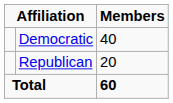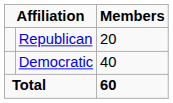 <table class="wikitable">
 <tr>
 <td colspan="2" rowspan="1" align="center" valign="top"><strong>Affiliation</strong></td>
 <td style="vertical-align:top;"><strong>Members</strong></td>
 </tr>
 <tr>
 <td style="background-color:"> </td>
-<td><a href='#'>Democratic</a></td>
-<td>40</td>
+<td><a href='#'>Republican</a></td>
+<td>20</td>
 </tr>
 <tr>
 <td style="background-color:"> </td>
-<td><a href='#'>Republican</a></td>
-<td>20</td>
+<td><a href='#'>Democratic</a></td>
+<td>40</td>
 </tr>
 <tr>
 <td colspan="2" rowspan="1"> <strong>Total</strong></td>
 <td><strong>60</strong></td>
 </tr>
 </table>
